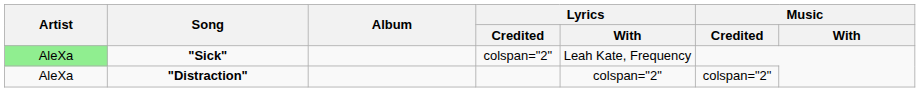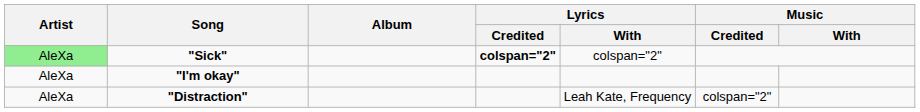 <table class="wikitable" style="text-align:center;">
 <tr>
 <th rowspan="2" style="width:7.5em;">Artist</th>
 <th rowspan="2" style="width:15em;">Song</th>
 <th rowspan="2" style="width:12.5em;">Album</th>
 <th colspan="2" style="width:16em;">Lyrics</th>
 <th colspan="2" style="width:16em;">Music</th>
 </tr>
 <tr>
 <th style="width:6em;">Credited</th>
 <th style="width:10em;">With</th>
 <th style="width:6em;">Credited</th>
 <th style="width:10em;">With</th>
 </tr>
 <tr>
 <td style="background: lightgreen;">AleXa</td>
 <td><strong>"Sick"</strong></td>
 <td></td>
+<td><strong>colspan="2" </strong></td>
 <td>colspan="2" </td>
-<td>Leah Kate, Frequency</td>
+</tr>
+<tr>
+<td>AleXa</td>
+<td><strong>"I'm okay"</strong></td>
+<td></td>
+<td></td>
+<td></td>
+<td></td>
+<td></td>
 </tr>
 <tr>
 <td>AleXa</td>
 <td><strong>"Distraction"</strong></td>
 <td></td>
 <td></td>
-<td>colspan="2" </td>
+<td>Leah Kate, Frequency</td>
 <td>colspan="2" </td>
 </tr>
 </table>
